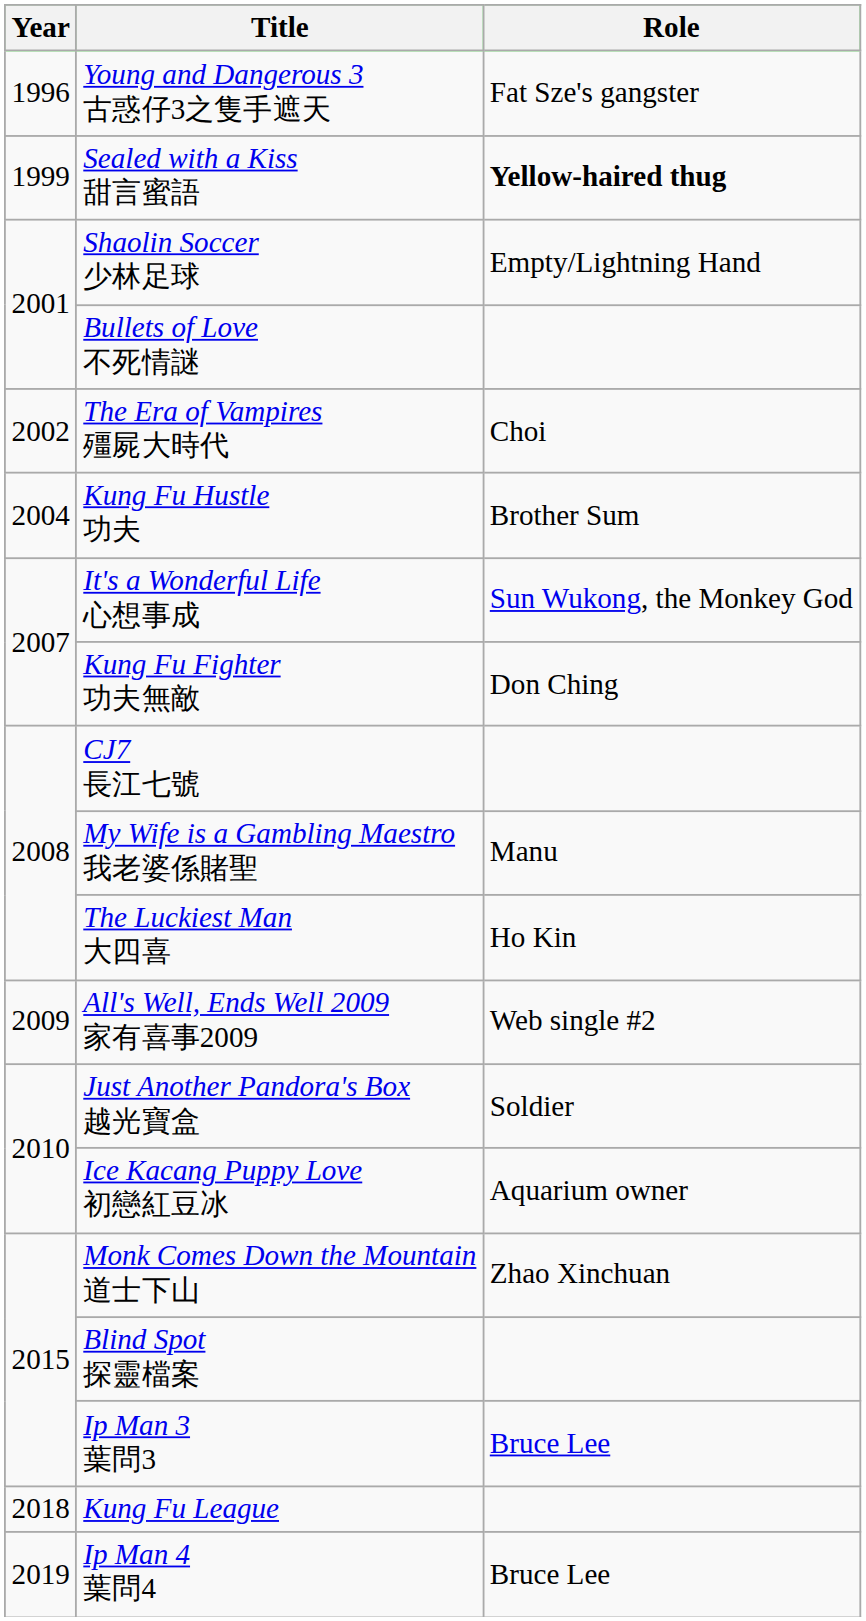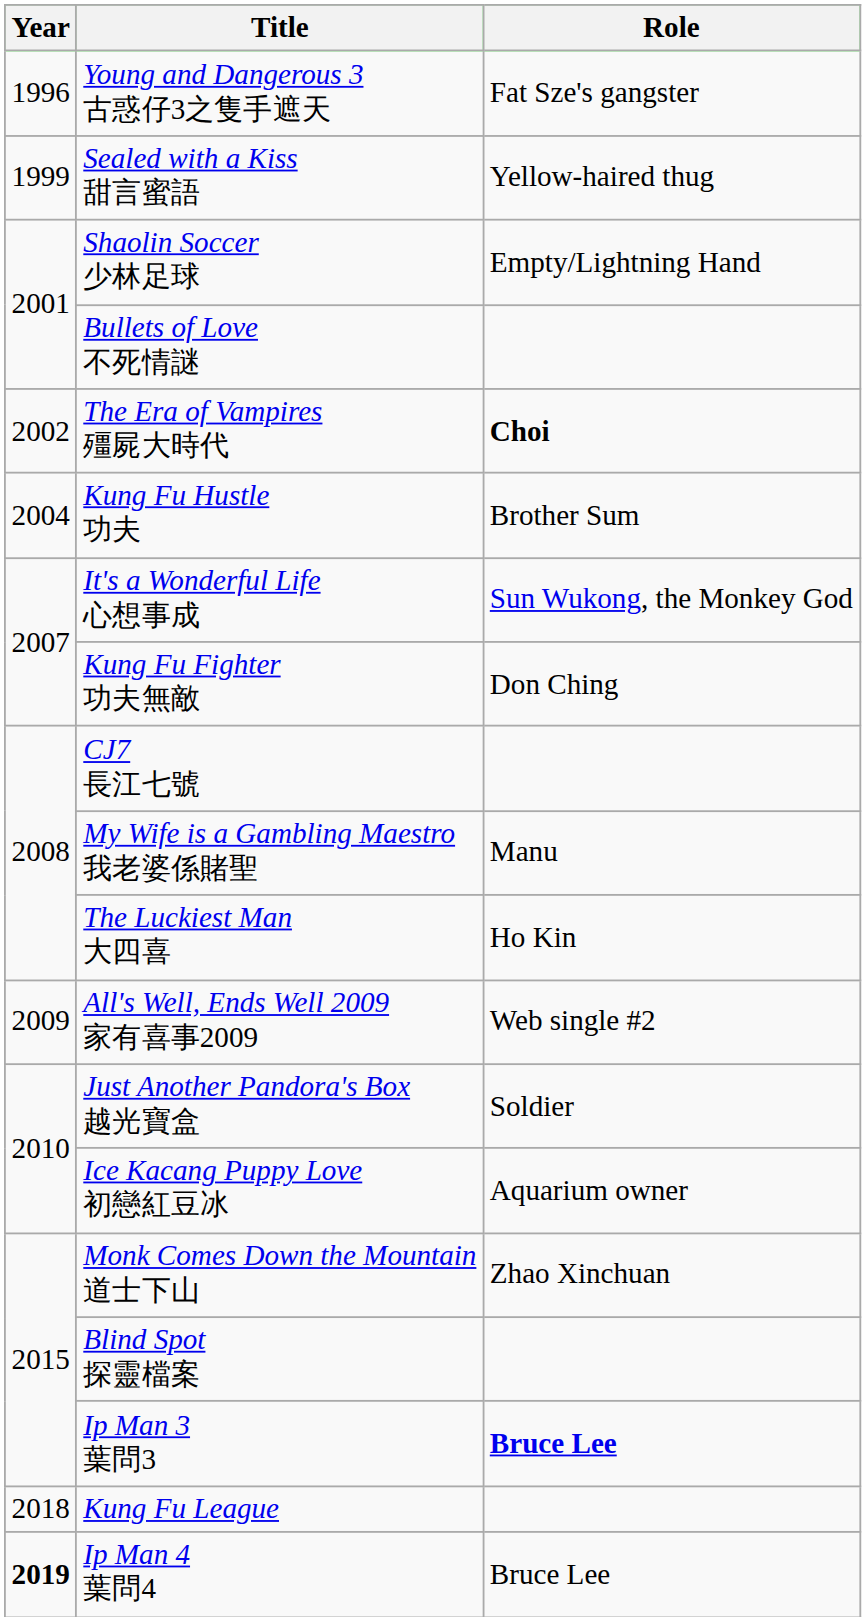 <table class="wikitable" style="font-size: 100%;">
 <tr bgcolor="#00FF00">
 <th>Year</th>
 <th>Title</th>
 <th>Role</th>
 </tr>
 <tr>
 <td>1996</td>
 <td><em><a href='#'>Young and Dangerous 3</a></em><br>古惑仔3之隻手遮天</td>
 <td>Fat Sze's gangster</td>
 </tr>
 <tr>
 <td>1999</td>
 <td><em><a href='#'>Sealed with a Kiss</a></em><br>甜言蜜語</td>
-<td><strong>Yellow-haired thug</strong></td>
+<td>Yellow-haired thug</td>
 </tr>
 <tr>
 <td rowspan="2">2001</td>
 <td><em><a href='#'>Shaolin Soccer</a></em><br>少林足球</td>
 <td>Empty/Lightning Hand</td>
 </tr>
 <tr>
 <td><em><a href='#'>Bullets of Love</a></em><br>不死情謎</td>
 <td></td>
 </tr>
 <tr>
 <td>2002</td>
 <td><em><a href='#'>The Era of Vampires</a></em><br>殭屍大時代</td>
-<td>Choi</td>
+<td><strong>Choi</strong></td>
 </tr>
 <tr>
 <td>2004</td>
 <td><em><a href='#'>Kung Fu Hustle</a></em><br>功夫</td>
 <td>Brother Sum</td>
 </tr>
 <tr>
 <td rowspan="2">2007</td>
 <td><em><a href='#'>It's a Wonderful Life</a></em><br>心想事成</td>
 <td><a href='#'>Sun Wukong</a>, the Monkey God</td>
 </tr>
 <tr>
 <td><em><a href='#'>Kung Fu Fighter</a></em><br>功夫無敵</td>
 <td>Don Ching</td>
 </tr>
 <tr>
 <td rowspan="3">2008</td>
 <td><em><a href='#'>CJ7</a></em><br>長江七號</td>
 <td></td>
 </tr>
 <tr>
 <td><em><a href='#'>My Wife is a Gambling Maestro</a></em><br>我老婆係賭聖</td>
 <td>Manu</td>
 </tr>
 <tr>
 <td><em><a href='#'>The Luckiest Man</a></em><br>大四喜</td>
 <td>Ho Kin</td>
 </tr>
 <tr>
 <td>2009</td>
 <td><em><a href='#'>All's Well, Ends Well 2009</a></em><br>家有喜事2009</td>
 <td>Web single #2</td>
 </tr>
 <tr>
 <td rowspan="2">2010</td>
 <td><em><a href='#'>Just Another Pandora's Box</a></em><br>越光寶盒</td>
 <td>Soldier</td>
 </tr>
 <tr>
 <td><em><a href='#'>Ice Kacang Puppy Love</a></em><br>初戀紅豆冰</td>
 <td>Aquarium owner</td>
 </tr>
 <tr>
 <td rowspan=3>2015</td>
 <td><em><a href='#'>Monk Comes Down the Mountain</a></em><br>道士下山</td>
 <td>Zhao Xinchuan</td>
 </tr>
 <tr>
 <td><em><a href='#'>Blind Spot</a></em><br>探靈檔案</td>
 <td></td>
 </tr>
 <tr>
 <td><em><a href='#'>Ip Man 3</a></em><br>葉問3</td>
-<td><a href='#'>Bruce Lee</a></td>
+<td><strong><a href='#'>Bruce Lee</a></strong></td>
 </tr>
 <tr>
 <td>2018</td>
 <td><em><a href='#'>Kung Fu League</a></em></td>
 <td></td>
 </tr>
 <tr>
-<td>2019</td>
+<td><strong>2019</strong></td>
 <td><em><a href='#'>Ip Man 4</a></em><br>葉問4</td>
 <td>Bruce Lee</td>
 </tr>
 </table>
